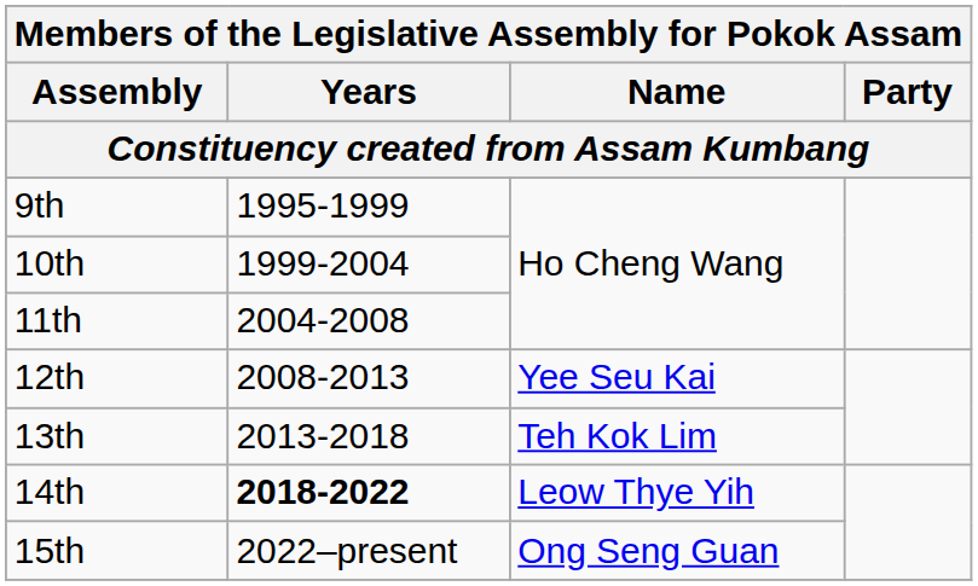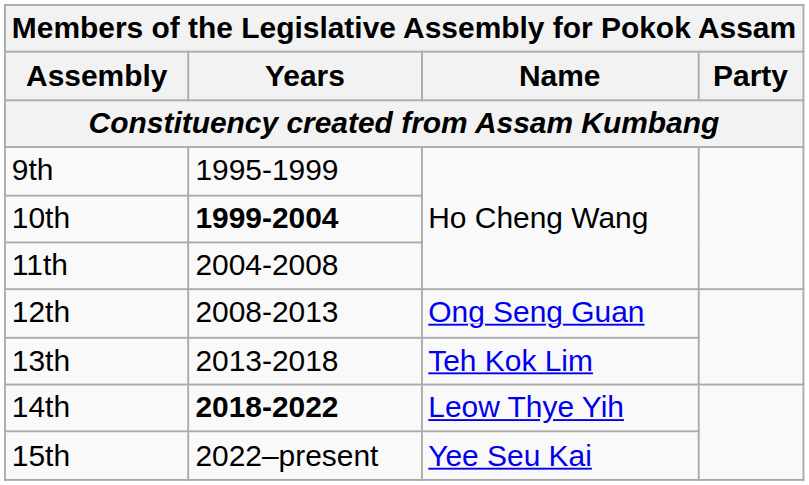 <table class="wikitable">
 <tr>
 <th colspan="4">Members of the Legislative Assembly for Pokok Assam</th>
 </tr>
 <tr>
 <th>Assembly</th>
 <th>Years</th>
 <th>Name</th>
 <th>Party</th>
 </tr>
 <tr>
 <th colspan="4"><em>Constituency created from Assam Kumbang</em></th>
 </tr>
 <tr>
 <td>9th</td>
 <td>1995-1999</td>
 <td rowspan="3">Ho Cheng Wang</td>
 <td rowspan="3"></td>
 </tr>
 <tr>
 <td>10th</td>
-<td>1999-2004</td>
+<td><strong>1999-2004</strong></td>
 </tr>
 <tr>
 <td>11th</td>
 <td>2004-2008</td>
 </tr>
 <tr>
 <td>12th</td>
 <td>2008-2013</td>
-<td><a href='#'>Yee Seu Kai</a></td>
+<td><a href='#'>Ong Seng Guan</a></td>
 <td rowspan="2"></td>
 </tr>
 <tr>
 <td>13th</td>
 <td>2013-2018</td>
 <td><a href='#'>Teh Kok Lim</a></td>
 </tr>
 <tr>
 <td>14th</td>
 <td><strong>2018-2022</strong></td>
 <td><a href='#'>Leow Thye Yih</a></td>
 <td rowspan="2"></td>
 </tr>
 <tr>
 <td>15th</td>
 <td>2022–present</td>
-<td><a href='#'>Ong Seng Guan</a></td>
+<td><a href='#'>Yee Seu Kai</a></td>
 </tr>
 </table>
